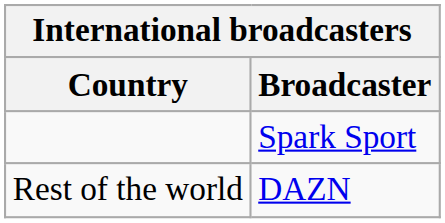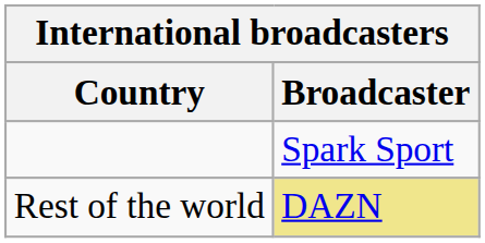 <table class="wikitable collapsible" "font-size:95%;">
 <tr>
 <th colspan=2>International broadcasters</th>
 </tr>
 <tr>
 <th align=center>Country</th>
 <th align=center>Broadcaster</th>
 </tr>
 <tr>
 <td></td>
 <td><a href='#'>Spark Sport</a></td>
 </tr>
 <tr>
 <td>Rest of the world</td>
-<td><a href='#'>DAZN</a></td>
+<td style="background: khaki;"><a href='#'>DAZN</a></td>
 </tr>
 </table>
